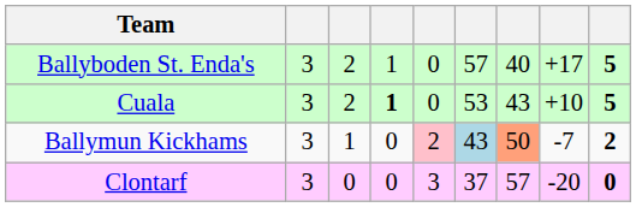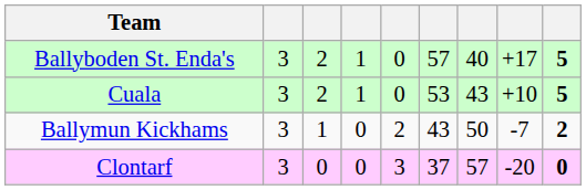 <table class="wikitable" style="text-align:center">
 <tr>
 <th style="width:175px;">Team</th>
 <th width="20"></th>
 <th width="20"></th>
 <th width="20"></th>
 <th width="20"></th>
 <th width="20"></th>
 <th width="20"></th>
 <th width="20"></th>
 <th width="20"></th>
 </tr>
 <tr style="background:#cfc;">
 <td><a href='#'>Ballyboden St. Enda's</a></td>
 <td>3</td>
 <td>2</td>
 <td>1</td>
 <td>0</td>
 <td>57</td>
 <td>40</td>
 <td>+17</td>
 <td><strong>5</strong></td>
 </tr>
 <tr style="background:#cfc;">
 <td><a href='#'>Cuala</a></td>
 <td>3</td>
 <td>2</td>
-<td><strong>1</strong></td>
+<td>1</td>
 <td>0</td>
 <td>53</td>
 <td>43</td>
 <td>+10</td>
 <td><strong>5</strong></td>
 </tr>
 <tr>
 <td><a href='#'>Ballymun Kickhams</a></td>
 <td>3</td>
 <td>1</td>
 <td>0</td>
-<td style="background: pink;">2</td>
-<td style="background: lightblue;">43</td>
-<td style="background: lightsalmon;">50</td>
+<td>2</td>
+<td>43</td>
+<td>50</td>
 <td>-7</td>
 <td><strong>2</strong></td>
 </tr>
 <tr style="background:#fcf;">
 <td><a href='#'>Clontarf</a></td>
 <td>3</td>
 <td>0</td>
 <td>0</td>
 <td>3</td>
 <td>37</td>
 <td>57</td>
 <td>-20</td>
 <td><strong>0</strong></td>
 </tr>
 </table>
